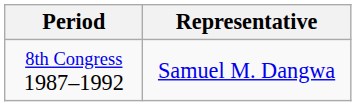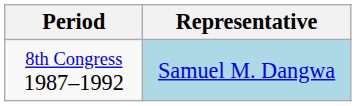 <table class="wikitable" style="text-align:center; width:40%;">
 <tr>
 <th width="40%">Period</th>
 <th>Representative</th>
 </tr>
 <tr>
 <td><small><a href='#'>8th Congress</a></small><br>1987–1992</td>
-<td><a href='#'>Samuel M. Dangwa</a></td>
+<td style="background: lightblue;"><a href='#'>Samuel M. Dangwa</a></td>
 </tr>
 </table>
